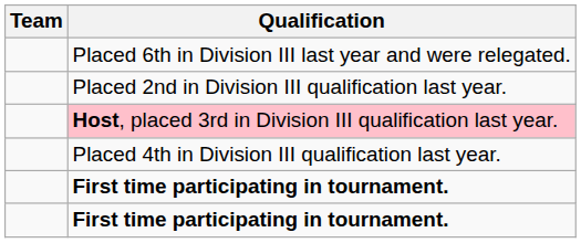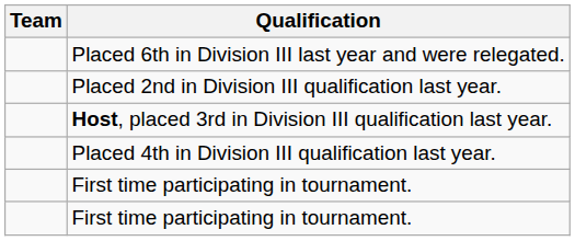 <table class="wikitable">
 <tr>
 <th>Team</th>
 <th>Qualification</th>
 </tr>
 <tr>
 <td></td>
 <td>Placed 6th in Division III last year and were relegated.</td>
 </tr>
 <tr>
 <td></td>
 <td>Placed 2nd in Division III qualification last year.</td>
 </tr>
 <tr>
 <td></td>
-<td style="background: pink;"><strong>Host</strong>, placed 3rd in Division III qualification last year.</td>
+<td><strong>Host</strong>, placed 3rd in Division III qualification last year.</td>
 </tr>
 <tr>
 <td></td>
 <td>Placed 4th in Division III qualification last year.</td>
 </tr>
 <tr>
 <td></td>
-<td><strong>First time participating in tournament.</strong></td>
+<td>First time participating in tournament.</td>
 </tr>
 <tr>
 <td></td>
-<td><strong>First time participating in tournament.</strong></td>
+<td>First time participating in tournament.</td>
 </tr>
 </table>
